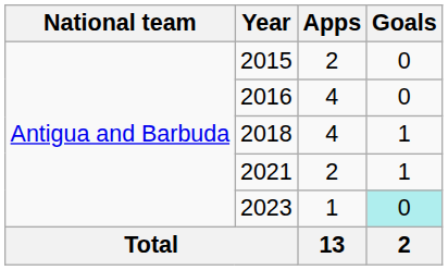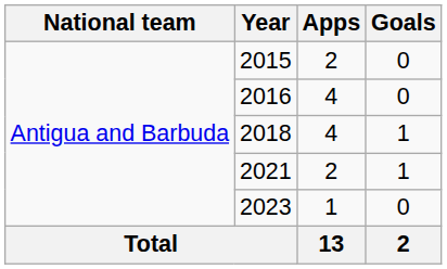 <table class=wikitable style="text-align: center;">
 <tr>
 <th>National team</th>
 <th>Year</th>
 <th>Apps</th>
 <th>Goals</th>
 </tr>
 <tr>
 <td rowspan=5><a href='#'>Antigua and Barbuda</a></td>
 <td>2015</td>
 <td>2</td>
 <td>0</td>
 </tr>
 <tr>
 <td>2016</td>
 <td>4</td>
 <td>0</td>
 </tr>
 <tr>
 <td>2018</td>
 <td>4</td>
 <td>1</td>
 </tr>
 <tr>
 <td>2021</td>
 <td>2</td>
 <td>1</td>
 </tr>
 <tr>
 <td>2023</td>
 <td>1</td>
-<td style="background: paleturquoise;">0</td>
+<td>0</td>
 </tr>
 <tr>
 <th colspan=2>Total</th>
 <th>13</th>
 <th>2</th>
 </tr>
 </table>
